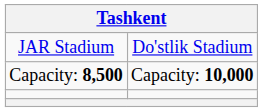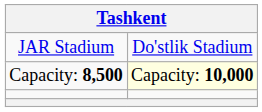 <table class="wikitable" style="margin:1em auto; text-align:center;">
 <tr>
 <th colspan=2><a href='#'>Tashkent</a></th>
 </tr>
 <tr>
 <td><a href='#'>JAR Stadium</a></td>
 <td><a href='#'>Do'stlik Stadium</a></td>
 </tr>
 <tr>
 <td>Capacity: <strong>8,500</strong></td>
-<td>Capacity: <strong>10,000</strong></td>
+<td style="background: lightyellow;">Capacity: <strong>10,000</strong></td>
 </tr>
 <tr>
 <td></td>
 <td></td>
 </tr>
 <tr>
 <th colspan=2 text-align="center"></th>
 </tr>
 </table>
